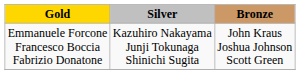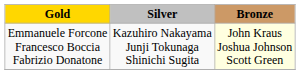 <table class="wikitable" style="margin: 1em auto; text-align: center;">
 <tr>
 <th style="background:gold">Gold<br></th>
 <th style="background:silver">Silver<br></th>
 <th style="background:#cc9966">Bronze<br></th>
 </tr>
 <tr>
 <td>Emmanuele Forcone <br> Francesco Boccia <br> Fabrizio Donatone</td>
 <td>Kazuhiro Nakayama <br> Junji Tokunaga <br> Shinichi Sugita</td>
-<td>John Kraus <br> Joshua Johnson <br> Scott Green</td>
+<td style="background: lightyellow;">John Kraus <br> Joshua Johnson <br> Scott Green</td>
 </tr>
 <tr>
 </tr>
 </table>
